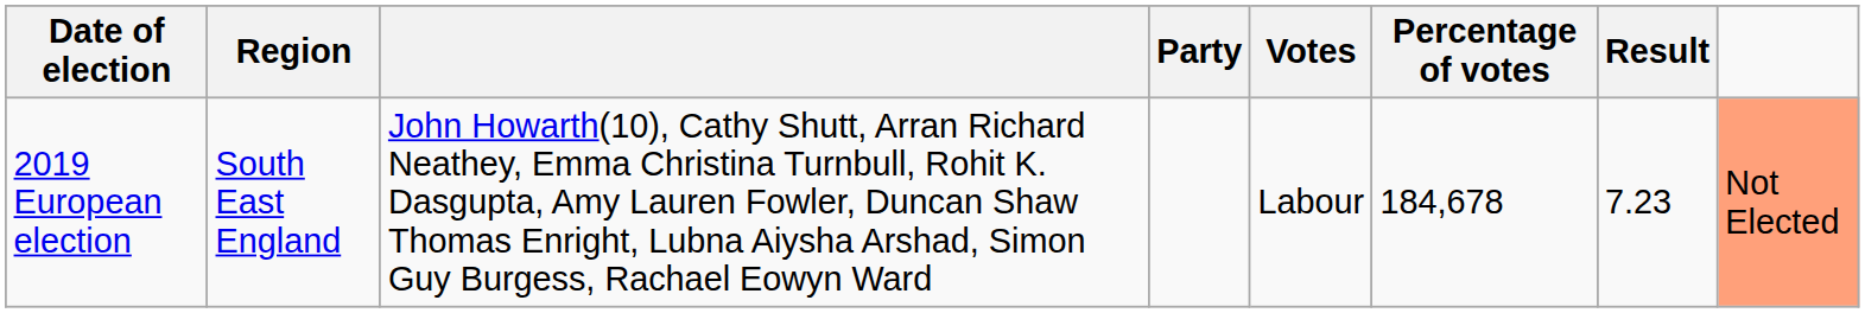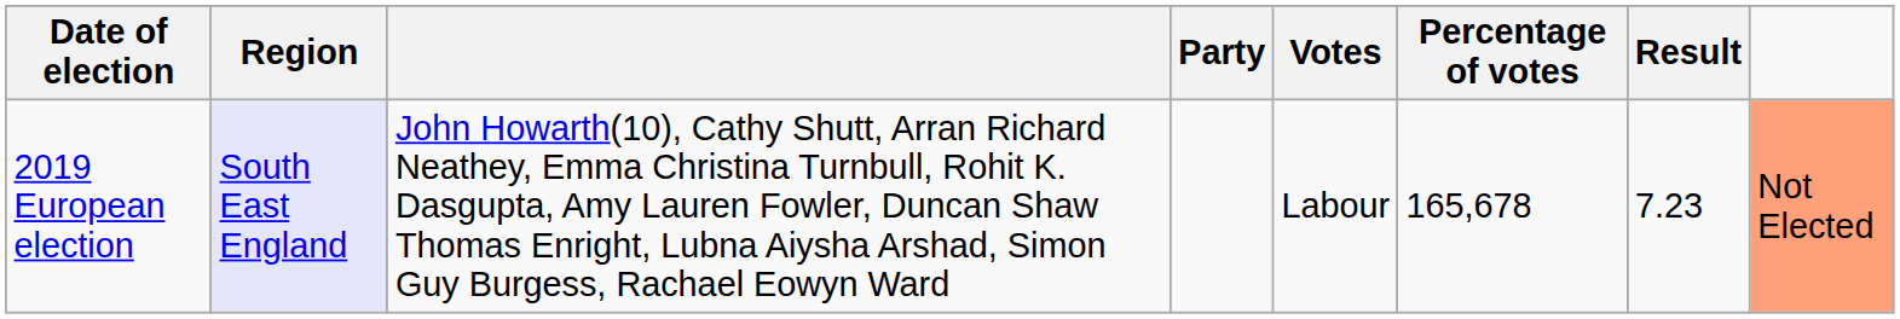 <table class="wikitable">
 <tr>
 <th>Date of election</th>
 <th>Region</th>
 <th></th>
 <th>Party</th>
 <th>Votes</th>
 <th>Percentage of votes</th>
 <th>Result</th>
 </tr>
 <tr>
 <td><a href='#'>2019 European election</a></td>
-<td><a href='#'>South East England</a></td>
+<td style="background: lavender;"><a href='#'>South East England</a></td>
 <td><a href='#'>John Howarth</a>(10), Cathy Shutt, Arran Richard Neathey, Emma Christina Turnbull, Rohit K. Dasgupta, Amy Lauren Fowler, Duncan Shaw Thomas Enright, Lubna Aiysha Arshad, Simon Guy Burgess, Rachael Eowyn Ward</td>
 <td style="background-color: "></td>
 <td>Labour</td>
-<td>184,678</td>
+<td>165,678</td>
 <td>7.23</td>
 <td style="background: lightsalmon;">Not Elected</td>
 </tr>
 </table>
